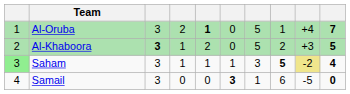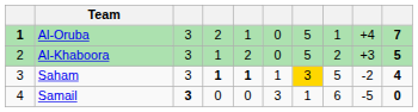 <table class="wikitable" style="text-align: center;">
 <tr>
 <th width=30></th>
 <th width=165>Team</th>
 <th width=30></th>
 <th width=30></th>
 <th width=30></th>
 <th width=30></th>
 <th width=30></th>
 <th width=30></th>
 <th width=30></th>
 <th width=30></th>
 </tr>
 <tr bgcolor=#ACE1AF>
-<td>1</td>
+<td><strong>1</strong></td>
 <td align=left><a href='#'>Al-Oruba</a></td>
 <td>3</td>
 <td>2</td>
-<td><strong>1</strong></td>
+<td>1</td>
 <td>0</td>
 <td>5</td>
 <td>1</td>
 <td>+4</td>
 <td><strong>7</strong></td>
 </tr>
 <tr bgcolor=#ACE1AF>
 <td>2</td>
 <td align=left><a href='#'>Al-Khaboora</a></td>
-<td><strong>3</strong></td>
+<td>3</td>
 <td>1</td>
 <td>2</td>
 <td>0</td>
 <td>5</td>
 <td>2</td>
 <td>+3</td>
 <td><strong>5</strong></td>
 </tr>
 <tr>
-<td style="background: lightgreen;">3</td>
+<td>3</td>
 <td align=left><a href='#'>Saham</a></td>
 <td>3</td>
+<td><strong>1</strong></td>
+<td><strong>1</strong></td>
 <td>1</td>
-<td>1</td>
-<td>1</td>
-<td>3</td>
-<td><strong>5</strong></td>
-<td style="background: khaki;">-2</td>
+<td style="background: gold;">3</td>
+<td>5</td>
+<td>-2</td>
 <td><strong>4</strong></td>
 </tr>
 <tr>
 <td>4</td>
 <td align=left><a href='#'>Samail</a></td>
-<td>3</td>
+<td><strong>3</strong></td>
 <td>0</td>
 <td>0</td>
-<td><strong>3</strong></td>
+<td>3</td>
 <td>1</td>
 <td>6</td>
 <td>-5</td>
 <td><strong>0</strong></td>
 </tr>
 </table>
